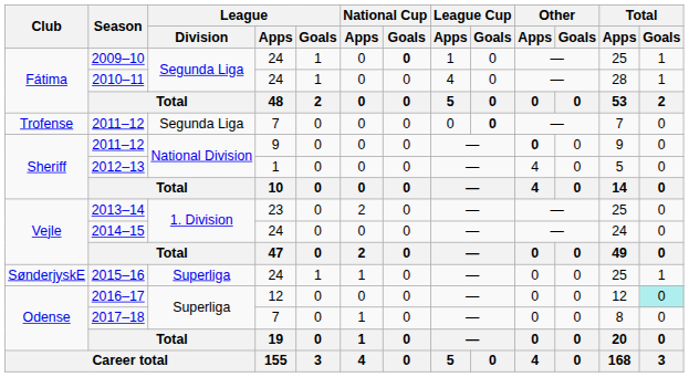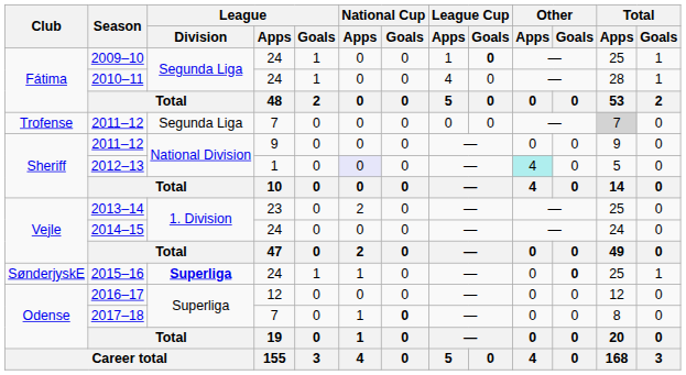 <table class="wikitable" style="text-align:center">
 <tr>
 <th rowspan="2">Club</th>
 <th rowspan="2">Season</th>
 <th colspan="3">League</th>
 <th colspan="2">National Cup</th>
 <th colspan="2">League Cup</th>
 <th colspan="2">Other</th>
 <th colspan="2">Total</th>
 </tr>
 <tr>
 <th>Division</th>
 <th>Apps</th>
 <th>Goals</th>
 <th>Apps</th>
 <th>Goals</th>
 <th>Apps</th>
 <th>Goals</th>
 <th>Apps</th>
 <th>Goals</th>
 <th>Apps</th>
 <th>Goals</th>
 </tr>
 <tr>
 <td rowspan="3"><a href='#'>Fátima</a></td>
 <td><a href='#'>2009–10</a></td>
 <td rowspan="2"><a href='#'>Segunda Liga</a></td>
 <td>24</td>
 <td>1</td>
 <td>0</td>
+<td>0</td>
+<td>1</td>
 <td><strong>0</strong></td>
-<td>1</td>
-<td>0</td>
 <td colspan="2">—</td>
 <td>25</td>
 <td>1</td>
 </tr>
 <tr>
 <td><a href='#'>2010–11</a></td>
 <td>24</td>
 <td>1</td>
 <td>0</td>
 <td>0</td>
 <td>4</td>
 <td>0</td>
 <td colspan="2">—</td>
 <td>28</td>
 <td>1</td>
 </tr>
 <tr>
 <th colspan="2">Total</th>
 <th>48</th>
 <th>2</th>
 <th>0</th>
 <th>0</th>
 <th>5</th>
 <th>0</th>
 <th>0</th>
 <th>0</th>
 <th>53</th>
 <th>2</th>
 </tr>
 <tr>
 <td><a href='#'>Trofense</a></td>
 <td><a href='#'>2011–12</a></td>
 <td>Segunda Liga</td>
 <td>7</td>
 <td>0</td>
 <td>0</td>
 <td>0</td>
 <td>0</td>
-<td><strong>0</strong></td>
+<td>0</td>
 <td colspan="2">—</td>
-<td>7</td>
+<td style="background: lightgrey;">7</td>
 <td>0</td>
 </tr>
 <tr>
 <td rowspan="3"><a href='#'>Sheriff</a></td>
 <td><a href='#'>2011–12</a></td>
 <td rowspan="2"><a href='#'>National Division</a></td>
 <td>9</td>
 <td>0</td>
 <td>0</td>
 <td>0</td>
 <td colspan="2">—</td>
-<td><strong>0</strong></td>
+<td>0</td>
 <td>0</td>
 <td>9</td>
 <td>0</td>
 </tr>
 <tr>
 <td><a href='#'>2012–13</a></td>
 <td>1</td>
 <td>0</td>
-<td>0</td>
+<td style="background: lavender;">0</td>
 <td>0</td>
 <td colspan="2">—</td>
-<td>4</td>
+<td style="background: paleturquoise;">4</td>
 <td>0</td>
 <td>5</td>
 <td>0</td>
 </tr>
 <tr>
 <th colspan="2">Total</th>
 <th>10</th>
 <th>0</th>
 <th>0</th>
 <th>0</th>
 <th colspan="2">—</th>
 <th>4</th>
 <th>0</th>
 <th>14</th>
 <th>0</th>
 </tr>
 <tr>
 <td rowspan="3"><a href='#'>Vejle</a></td>
 <td><a href='#'>2013–14</a></td>
 <td rowspan="2"><a href='#'>1. Division</a></td>
 <td>23</td>
 <td>0</td>
 <td>2</td>
 <td>0</td>
 <td colspan="2">—</td>
 <td colspan="2">—</td>
 <td>25</td>
 <td>0</td>
 </tr>
 <tr>
 <td><a href='#'>2014–15</a></td>
 <td>24</td>
 <td>0</td>
 <td>0</td>
 <td>0</td>
 <td colspan="2">—</td>
 <td colspan="2">—</td>
 <td>24</td>
 <td>0</td>
 </tr>
 <tr>
 <th colspan="2">Total</th>
 <th>47</th>
 <th>0</th>
 <th>2</th>
 <th>0</th>
 <th colspan="2">—</th>
 <th>0</th>
 <th>0</th>
 <th>49</th>
 <th>0</th>
 </tr>
 <tr>
 <td><a href='#'>SønderjyskE</a></td>
 <td><a href='#'>2015–16</a></td>
-<td><a href='#'>Superliga</a></td>
+<td><strong><a href='#'>Superliga</a></strong></td>
 <td>24</td>
 <td>1</td>
 <td>1</td>
 <td>0</td>
 <td colspan="2">—</td>
 <td>0</td>
-<td>0</td>
+<td><strong>0</strong></td>
 <td>25</td>
 <td>1</td>
 </tr>
 <tr>
 <td rowspan="3"><a href='#'>Odense</a></td>
 <td><a href='#'>2016–17</a></td>
 <td rowspan="2">Superliga</td>
 <td>12</td>
 <td>0</td>
 <td>0</td>
 <td>0</td>
 <td colspan="2">—</td>
 <td>0</td>
 <td>0</td>
 <td>12</td>
-<td style="background: paleturquoise;">0</td>
+<td>0</td>
 </tr>
 <tr>
 <td><a href='#'>2017–18</a></td>
 <td>7</td>
 <td>0</td>
 <td>1</td>
-<td>0</td>
+<td><strong>0</strong></td>
 <td colspan="2">—</td>
 <td>0</td>
 <td>0</td>
 <td>8</td>
 <td>0</td>
 </tr>
 <tr>
 <th colspan="2">Total</th>
 <th>19</th>
 <th>0</th>
 <th>1</th>
 <th>0</th>
 <th colspan="2">—</th>
 <th>0</th>
 <th>0</th>
 <th>20</th>
 <th>0</th>
 </tr>
 <tr>
 <th colspan="3">Career total</th>
 <th>155</th>
 <th>3</th>
 <th>4</th>
 <th>0</th>
 <th>5</th>
 <th>0</th>
 <th>4</th>
 <th>0</th>
 <th>168</th>
 <th>3</th>
 </tr>
 </table>
